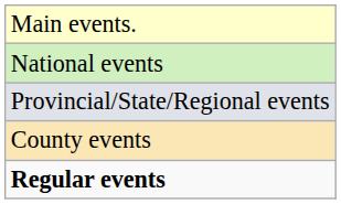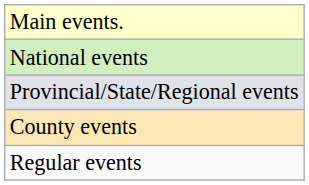 <table class="wikitable">
 <tr style="background:#ffc;">
 <td>Main events.</td>
 </tr>
 <tr style="background:#d0f0c0">
 <td>National events</td>
 </tr>
 <tr style="background:#dfe2e9">
 <td>Provincial/State/Regional events</td>
 </tr>
 <tr style="background:#fae7b5">
 <td>County events</td>
 </tr>
 <tr>
-<td><strong>Regular events</strong></td>
+<td>Regular events</td>
 </tr>
 </table>
